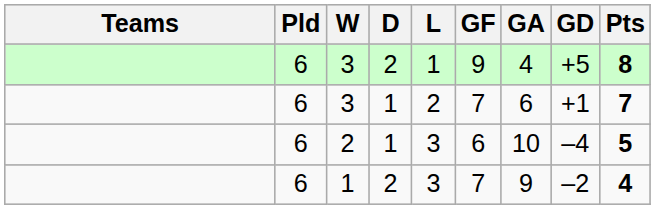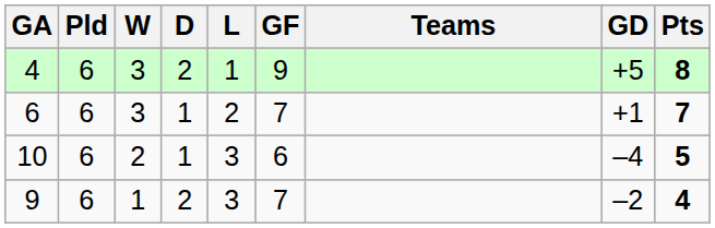 <table class="wikitable" style="text-align: center;">
 <tr>
-<th width=165>Teams</th>
+<th width=20>GA</th>
 <th width=20>Pld</th>
 <th width=20>W</th>
 <th width=20>D</th>
 <th width=20>L</th>
 <th width=20>GF</th>
-<th width=20>GA</th>
+<th width=165>Teams</th>
 <th width=20>GD</th>
 <th width=20>Pts</th>
 </tr>
 <tr align=center style="background:#ccffcc;">
-<td style="text-align:left;"></td>
+<td>4</td>
 <td>6</td>
 <td>3</td>
 <td>2</td>
 <td>1</td>
 <td>9</td>
-<td>4</td>
+<td style="text-align:left;"></td>
 <td>+5</td>
 <td><strong>8</strong></td>
 </tr>
 <tr align=center>
-<td style="text-align:left;"></td>
+<td>6</td>
 <td>6</td>
 <td>3</td>
 <td>1</td>
 <td>2</td>
 <td>7</td>
-<td>6</td>
+<td style="text-align:left;"></td>
 <td>+1</td>
 <td><strong>7</strong></td>
 </tr>
 <tr align=center>
-<td style="text-align:left;"></td>
+<td>10</td>
 <td>6</td>
 <td>2</td>
 <td>1</td>
 <td>3</td>
 <td>6</td>
-<td>10</td>
+<td style="text-align:left;"></td>
 <td>–4</td>
 <td><strong>5</strong></td>
 </tr>
 <tr align=center>
-<td style="text-align:left;"></td>
+<td>9</td>
 <td>6</td>
 <td>1</td>
 <td>2</td>
 <td>3</td>
 <td>7</td>
-<td>9</td>
+<td style="text-align:left;"></td>
 <td>–2</td>
 <td><strong>4</strong></td>
 </tr>
 </table>
